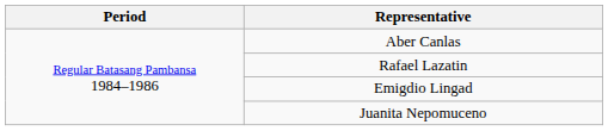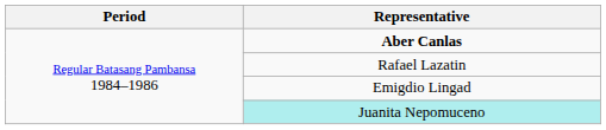 <table class="wikitable" style="text-align:center; width:40%;">
 <tr>
 <th width="40%">Period</th>
 <th>Representative</th>
 </tr>
 <tr>
 <td rowspan="4"><small><a href='#'>Regular Batasang Pambansa</a></small><br>1984–1986</td>
-<td>Aber Canlas</td>
+<td><strong>Aber Canlas</strong></td>
 </tr>
 <tr>
 <td>Rafael Lazatin</td>
 </tr>
 <tr>
 <td>Emigdio Lingad</td>
 </tr>
 <tr>
-<td>Juanita Nepomuceno</td>
+<td style="background: paleturquoise;">Juanita Nepomuceno</td>
 </tr>
 </table>
